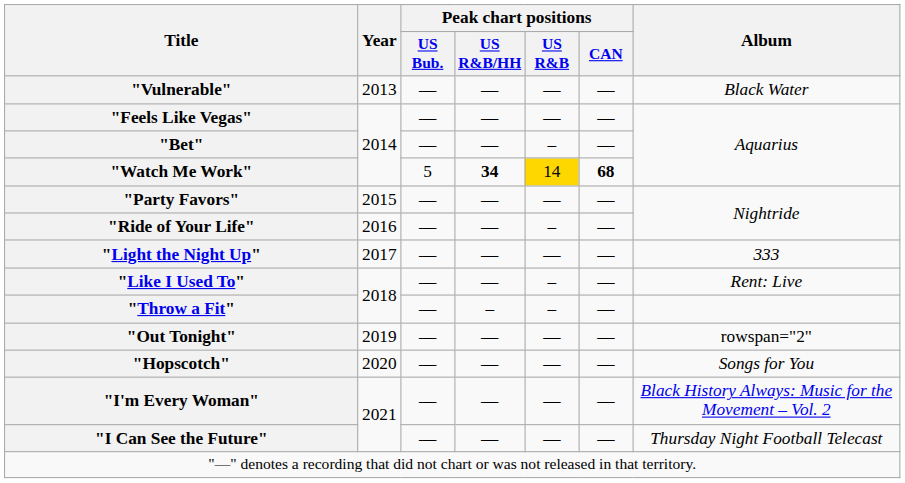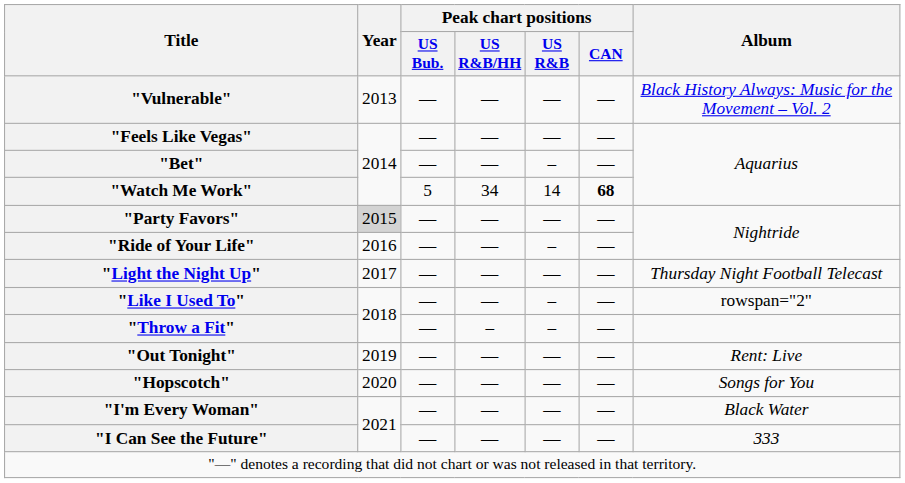 <table class="wikitable plainrowheaders" style="text-align:center;">
 <tr>
 <th scope="col" rowspan="2" style="width:20em;">Title</th>
 <th scope="col" rowspan="2" style="width:1em;">Year</th>
 <th scope="col" colspan="4">Peak chart positions</th>
 <th scope="col" rowspan="2" style="width:15em;">Album</th>
 </tr>
 <tr>
 <th scope="col" style="width:3em;font-size:90%;"><a href='#'>US<br>Bub.</a><br></th>
 <th scope="col" style="width:3em;font-size:90%;"><a href='#'>US<br>R&B/HH</a><br></th>
 <th scope="col" style="width:3em;font-size:90%;"><a href='#'>US<br>R&B</a><br></th>
 <th scope="col" style="width:3em;font-size:90%;"><a href='#'>CAN</a><br></th>
 </tr>
 <tr>
 <th scope="row">"Vulnerable"<br></th>
 <td>2013</td>
 <td>—</td>
 <td>—</td>
 <td>—</td>
 <td>—</td>
-<td><em>Black Water</em></td>
+<td><em><a href='#'>Black History Always: Music for the Movement – Vol. 2</a></em></td>
 </tr>
 <tr>
 <th scope="row">"Feels Like Vegas"</th>
 <td rowspan="3">2014</td>
 <td>—</td>
 <td>—</td>
 <td>—</td>
 <td>—</td>
 <td rowspan="3"><em>Aquarius</em></td>
 </tr>
 <tr>
 <th scope="row">"Bet"<br></th>
 <td>—</td>
 <td>—</td>
 <td>–</td>
 <td>—</td>
 </tr>
 <tr>
 <th scope="row">"Watch Me Work"</th>
 <td>5</td>
-<td><strong>34</strong></td>
-<td style="background: gold;">14</td>
+<td>34</td>
+<td>14</td>
 <td><strong>68</strong></td>
 </tr>
 <tr>
 <th scope="row">"Party Favors"<br></th>
-<td>2015</td>
+<td style="background: lightgrey;">2015</td>
 <td>—</td>
 <td>—</td>
 <td>—</td>
 <td>—</td>
 <td rowspan="2"><em>Nightride</em></td>
 </tr>
 <tr>
 <th scope="row">"Ride of Your Life"</th>
 <td>2016</td>
 <td>—</td>
 <td>—</td>
 <td>–</td>
 <td>—</td>
 </tr>
 <tr>
 <th scope="row">"<a href='#'>Light the Night Up</a>"</th>
 <td>2017</td>
 <td>—</td>
 <td>—</td>
 <td>—</td>
 <td>—</td>
-<td><em>333</em></td>
+<td><em>Thursday Night Football Telecast</em></td>
 </tr>
 <tr>
 <th scope="row">"<a href='#'>Like I Used To</a>"</th>
 <td rowspan="2">2018</td>
 <td>—</td>
 <td>—</td>
 <td>–</td>
 <td>—</td>
-<td><em>Rent: Live</em></td>
+<td>rowspan="2" </td>
 </tr>
 <tr>
 <th scope="row">"<a href='#'>Throw a Fit</a>"</th>
 <td>—</td>
 <td>–</td>
 <td>–</td>
 <td>—</td>
 </tr>
 <tr>
 <th scope="row">"Out Tonight"</th>
 <td>2019</td>
 <td>—</td>
 <td>—</td>
 <td>—</td>
 <td>—</td>
-<td>rowspan="2" </td>
+<td><em>Rent: Live</em></td>
 </tr>
 <tr>
 <th scope="row">"Hopscotch"<br></th>
 <td>2020</td>
 <td>—</td>
 <td>—</td>
 <td>—</td>
 <td>—</td>
 <td><em>Songs for You</em></td>
 </tr>
 <tr>
 <th scope="row">"I'm Every Woman"<br></th>
 <td rowspan="2">2021</td>
 <td>—</td>
 <td>—</td>
 <td>—</td>
 <td>—</td>
-<td><em><a href='#'>Black History Always: Music for the Movement – Vol. 2</a></em></td>
+<td><em>Black Water</em></td>
 </tr>
 <tr>
 <th scope="row">"I Can See the Future"</th>
 <td>—</td>
 <td>—</td>
 <td>—</td>
 <td>—</td>
-<td><em>Thursday Night Football Telecast</em></td>
+<td><em>333</em></td>
 </tr>
 <tr>
 <td colspan="15" style="font-size:90%">"—" denotes a recording that did not chart or was not released in that territory.</td>
 </tr>
 </table>
